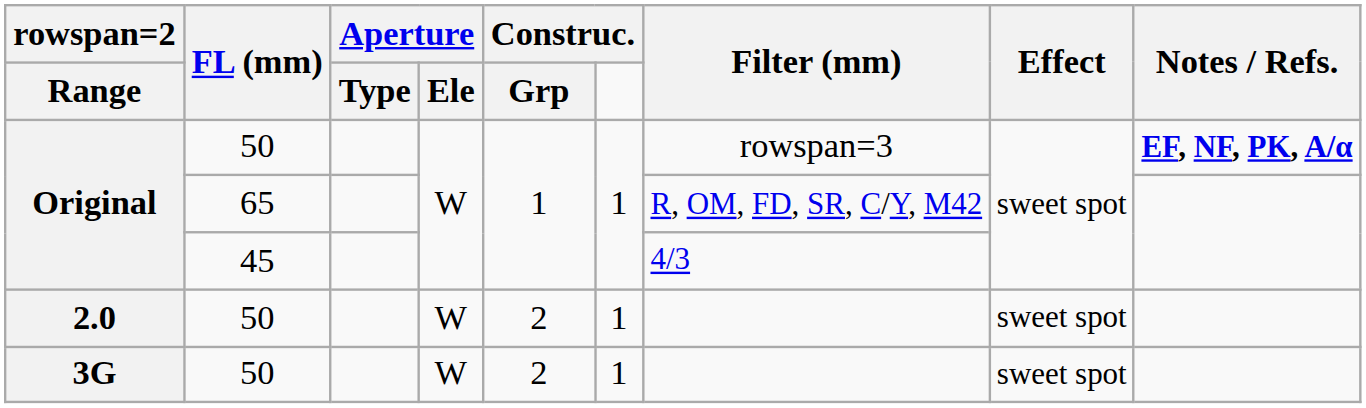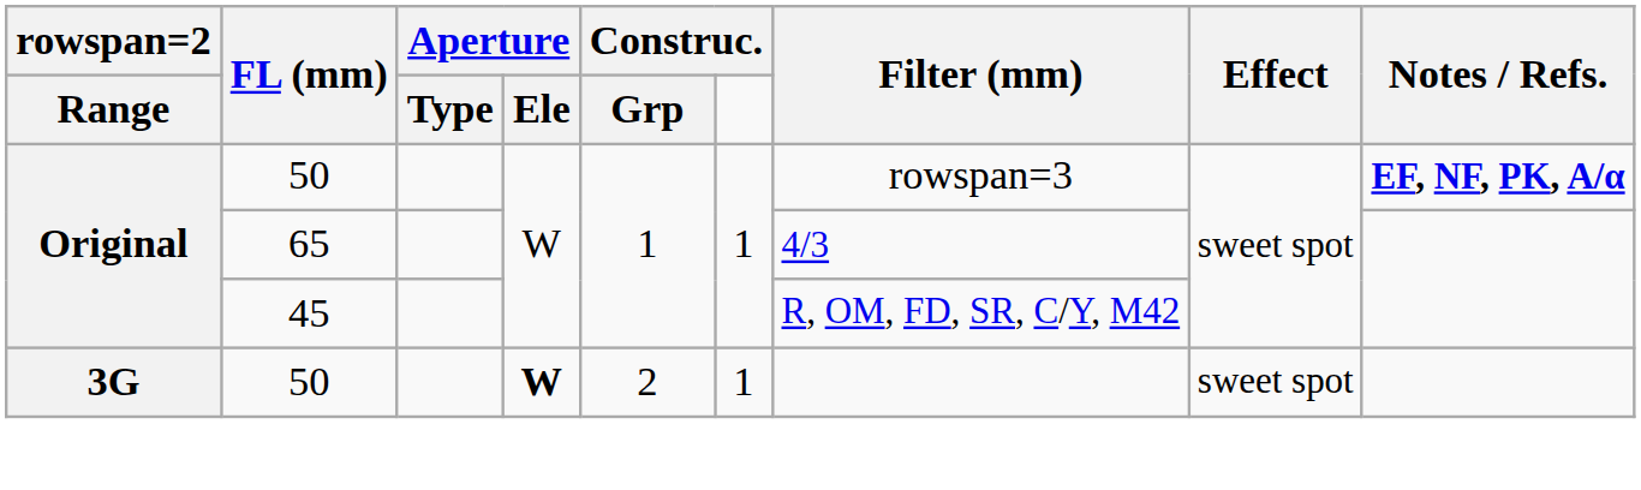 <table class="wikitable" style="font-size:90%;text-align:center;">
 <tr>
 <th>rowspan=2 </th>
 <th rowspan=2><a href='#'>FL</a> (mm)</th>
 <th colspan=2><a href='#'>Aperture</a></th>
 <th colspan=2>Construc.</th>
 <th rowspan=2>Filter (mm)</th>
 <th rowspan=2>Effect</th>
 <th rowspan=2>Notes / Refs.</th>
 </tr>
 <tr>
 <th>Range</th>
 <th>Type</th>
 <th>Ele</th>
 <th>Grp<br></th>
 </tr>
 <tr>
 <th rowspan=3>Original</th>
 <td>50</td>
 <td></td>
 <td rowspan=3>W</td>
 <td rowspan=3>1</td>
 <td rowspan=3>1</td>
 <td>rowspan=3 </td>
 <td rowspan=3 style="font-size:90%;text-align:left;">sweet spot</td>
 <td style="font-size:90%;text-align:left;"><strong><a href='#'>EF</a>, <a href='#'>NF</a>, <a href='#'>PK</a>, <a href='#'>A/α</a></strong></td>
 </tr>
 <tr>
 <td>65</td>
 <td></td>
-<td style="font-size:90%;text-align:left;"><a href='#'>R</a>, <a href='#'>OM</a>, <a href='#'>FD</a>, <a href='#'>SR</a>, <a href='#'>C</a>/<a href='#'>Y</a>, <a href='#'>M42</a></td>
+<td style="font-size:90%;text-align:left;"><a href='#'>4/3</a></td>
 </tr>
 <tr>
 <td>45</td>
 <td></td>
-<td style="font-size:90%;text-align:left;"><a href='#'>4/3</a></td>
-</tr>
-<tr>
-<th>2.0</th>
-<td>50</td>
-<td></td>
-<td>W</td>
-<td>2</td>
-<td>1</td>
-<td></td>
-<td style="font-size:90%;text-align:left;">sweet spot</td>
-<td style="font-size:90%;text-align:left;"></td>
+<td style="font-size:90%;text-align:left;"><a href='#'>R</a>, <a href='#'>OM</a>, <a href='#'>FD</a>, <a href='#'>SR</a>, <a href='#'>C</a>/<a href='#'>Y</a>, <a href='#'>M42</a></td>
 </tr>
 <tr>
 <th>3G</th>
 <td>50</td>
 <td></td>
-<td>W</td>
+<td><strong>W</strong></td>
 <td>2</td>
 <td>1</td>
 <td></td>
 <td style="font-size:90%;text-align:left;">sweet spot</td>
 <td style="font-size:90%;text-align:left;"></td>
 </tr>
 </table>
